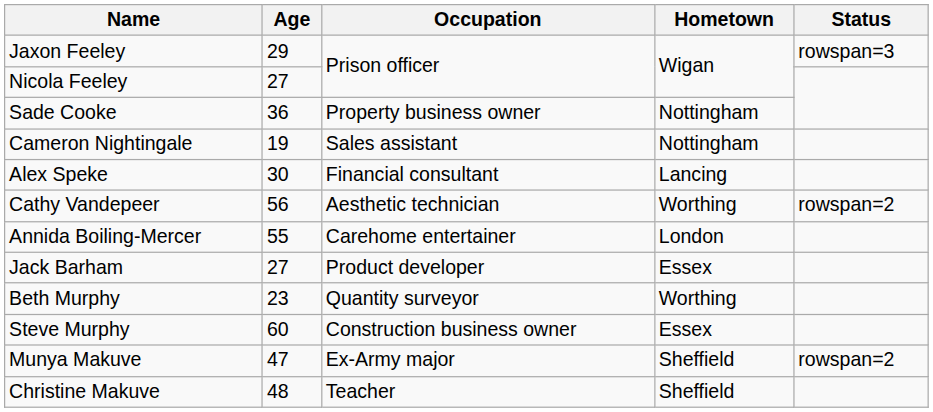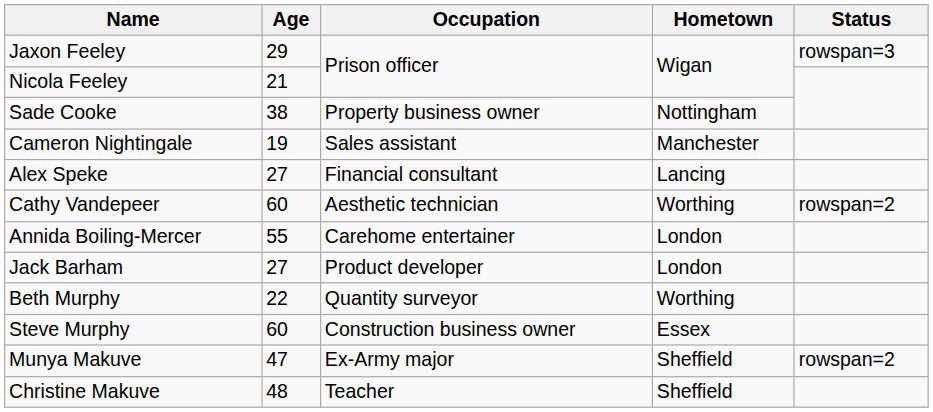 <table class="wikitable sortable" width=60%>
 <tr>
 <th>Name</th>
 <th>Age</th>
 <th>Occupation</th>
 <th>Hometown</th>
 <th>Status</th>
 </tr>
 <tr>
 <td>Jaxon Feeley</td>
 <td>29</td>
 <td rowspan=2>Prison officer</td>
 <td rowspan=2>Wigan</td>
 <td>rowspan=3 </td>
 </tr>
 <tr>
 <td>Nicola Feeley</td>
-<td>27</td>
+<td>21</td>
 </tr>
 <tr>
 <td>Sade Cooke</td>
-<td>36</td>
+<td>38</td>
 <td>Property business owner</td>
 <td>Nottingham</td>
 </tr>
 <tr>
 <td>Cameron Nightingale</td>
 <td>19</td>
 <td>Sales assistant</td>
-<td>Nottingham</td>
+<td>Manchester</td>
 <td></td>
 </tr>
 <tr>
 <td>Alex Speke</td>
-<td>30</td>
+<td>27</td>
 <td>Financial consultant</td>
 <td>Lancing</td>
 <td></td>
 </tr>
 <tr>
 <td>Cathy Vandepeer</td>
-<td>56</td>
+<td>60</td>
 <td>Aesthetic technician</td>
 <td>Worthing</td>
 <td>rowspan=2 </td>
 </tr>
 <tr>
 <td>Annida Boiling-Mercer</td>
 <td>55</td>
 <td>Carehome entertainer</td>
 <td>London</td>
 </tr>
 <tr>
 <td>Jack Barham</td>
 <td>27</td>
 <td>Product developer</td>
-<td>Essex</td>
+<td>London</td>
 <td></td>
 </tr>
 <tr>
 <td>Beth Murphy</td>
-<td>23</td>
+<td>22</td>
 <td>Quantity surveyor</td>
 <td>Worthing</td>
 <td></td>
 </tr>
 <tr>
 <td>Steve Murphy</td>
 <td>60</td>
 <td>Construction business owner</td>
 <td>Essex</td>
 <td></td>
 </tr>
 <tr>
 <td>Munya Makuve</td>
 <td>47</td>
 <td>Ex-Army major</td>
 <td>Sheffield</td>
 <td>rowspan=2 </td>
 </tr>
 <tr>
 <td>Christine Makuve</td>
 <td>48</td>
 <td>Teacher</td>
 <td>Sheffield</td>
 </tr>
 </table>
